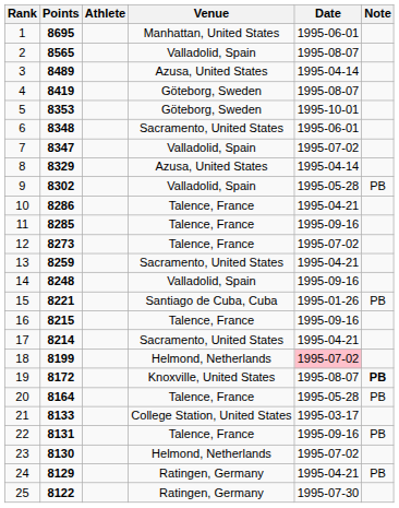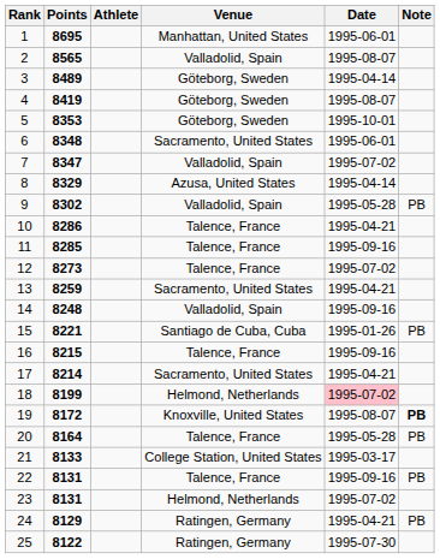 <table class="wikitable" style=" text-align:center;">
 <tr>
 <th>Rank</th>
 <th>Points</th>
 <th>Athlete</th>
 <th>Venue</th>
 <th>Date</th>
 <th>Note</th>
 </tr>
 <tr>
 <td>1</td>
 <td><strong>8695</strong></td>
 <td align=left></td>
 <td>Manhattan, United States</td>
 <td>1995-06-01</td>
 <td></td>
 </tr>
 <tr>
 <td>2</td>
 <td><strong>8565</strong></td>
 <td align=left></td>
 <td>Valladolid, Spain</td>
 <td>1995-08-07</td>
 <td></td>
 </tr>
 <tr>
 <td>3</td>
 <td><strong>8489</strong></td>
 <td align=left></td>
-<td>Azusa, United States</td>
+<td>Göteborg, Sweden</td>
 <td>1995-04-14</td>
 <td></td>
 </tr>
 <tr>
 <td>4</td>
 <td><strong>8419</strong></td>
 <td align=left></td>
 <td>Göteborg, Sweden</td>
 <td>1995-08-07</td>
 <td></td>
 </tr>
 <tr>
 <td>5</td>
 <td><strong>8353</strong></td>
 <td align=left></td>
 <td>Göteborg, Sweden</td>
 <td>1995-10-01</td>
 <td></td>
 </tr>
 <tr>
 <td>6</td>
 <td><strong>8348</strong></td>
 <td align=left></td>
 <td>Sacramento, United States</td>
 <td>1995-06-01</td>
 <td></td>
 </tr>
 <tr>
 <td>7</td>
 <td><strong>8347</strong></td>
 <td align=left></td>
 <td>Valladolid, Spain</td>
 <td>1995-07-02</td>
 <td></td>
 </tr>
 <tr>
 <td>8</td>
 <td><strong>8329</strong></td>
 <td align=left></td>
 <td>Azusa, United States</td>
 <td>1995-04-14</td>
 <td></td>
 </tr>
 <tr>
 <td>9</td>
 <td><strong>8302</strong></td>
 <td align=left></td>
 <td>Valladolid, Spain</td>
 <td>1995-05-28</td>
 <td>PB</td>
 </tr>
 <tr>
 <td>10</td>
 <td><strong>8286</strong></td>
 <td align=left></td>
 <td>Talence, France</td>
 <td>1995-04-21</td>
 <td></td>
 </tr>
 <tr>
 <td>11</td>
 <td><strong>8285</strong></td>
 <td align=left></td>
 <td>Talence, France</td>
 <td>1995-09-16</td>
 <td></td>
 </tr>
 <tr>
 <td>12</td>
 <td><strong>8273</strong></td>
 <td align=left></td>
 <td>Talence, France</td>
 <td>1995-07-02</td>
 <td></td>
 </tr>
 <tr>
 <td>13</td>
 <td><strong>8259</strong></td>
 <td align=left></td>
 <td>Sacramento, United States</td>
 <td>1995-04-21</td>
 <td></td>
 </tr>
 <tr>
 <td>14</td>
 <td><strong>8248</strong></td>
 <td align=left></td>
 <td>Valladolid, Spain</td>
 <td>1995-09-16</td>
 <td></td>
 </tr>
 <tr>
 <td>15</td>
 <td><strong>8221</strong></td>
 <td align=left></td>
 <td>Santiago de Cuba, Cuba</td>
 <td>1995-01-26</td>
 <td>PB</td>
 </tr>
 <tr>
 <td>16</td>
 <td><strong>8215</strong></td>
 <td align=left></td>
 <td>Talence, France</td>
 <td>1995-09-16</td>
 <td></td>
 </tr>
 <tr>
 <td>17</td>
 <td><strong>8214</strong></td>
 <td align=left></td>
 <td>Sacramento, United States</td>
 <td>1995-04-21</td>
 <td></td>
 </tr>
 <tr>
 <td>18</td>
 <td><strong>8199</strong></td>
 <td align=left></td>
 <td>Helmond, Netherlands</td>
 <td style="background: pink;">1995-07-02</td>
 <td></td>
 </tr>
 <tr>
 <td>19</td>
 <td><strong>8172</strong></td>
 <td align=left></td>
 <td>Knoxville, United States</td>
 <td>1995-08-07</td>
 <td><strong>PB</strong></td>
 </tr>
 <tr>
 <td>20</td>
 <td><strong>8164</strong></td>
 <td align=left></td>
 <td>Talence, France</td>
 <td>1995-05-28</td>
 <td>PB</td>
 </tr>
 <tr>
 <td>21</td>
 <td><strong>8133</strong></td>
 <td align=left></td>
 <td>College Station, United States</td>
 <td>1995-03-17</td>
 <td></td>
 </tr>
 <tr>
 <td>22</td>
 <td><strong>8131</strong></td>
 <td align=left></td>
 <td>Talence, France</td>
 <td>1995-09-16</td>
 <td>PB</td>
 </tr>
 <tr>
 <td>23</td>
-<td><strong>8130</strong></td>
+<td><strong>8131</strong></td>
 <td align=left></td>
 <td>Helmond, Netherlands</td>
 <td>1995-07-02</td>
 <td></td>
 </tr>
 <tr>
 <td>24</td>
 <td><strong>8129</strong></td>
 <td align=left></td>
 <td>Ratingen, Germany</td>
 <td>1995-04-21</td>
 <td>PB</td>
 </tr>
 <tr>
 <td>25</td>
 <td><strong>8122</strong></td>
 <td align=left></td>
 <td>Ratingen, Germany</td>
 <td>1995-07-30</td>
 <td></td>
 </tr>
 </table>
